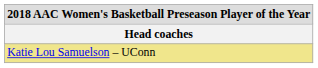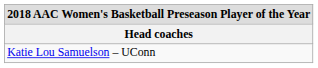 <table class="wikitable" style="white-space:nowrap; font-size:90%;">
 <tr>
 <td colspan="1" style="text-align:center; background:#ddd;"><strong>2018 AAC Women's Basketball Preseason Player of the Year</strong></td>
 </tr>
 <tr>
 <th>Head coaches</th>
 </tr>
 <tr>
-<td style="background: khaki;"><a href='#'>Katie Lou Samuelson</a> – UConn</td>
+<td><a href='#'>Katie Lou Samuelson</a> – UConn</td>
 </tr>
 </table>
